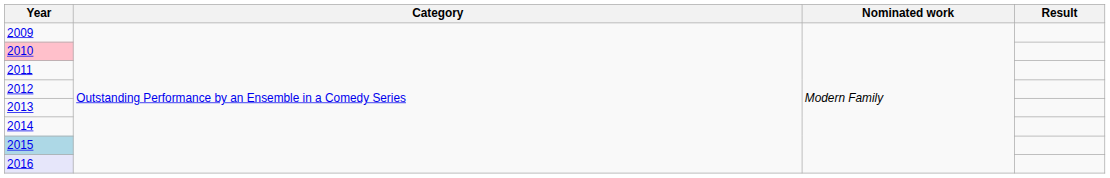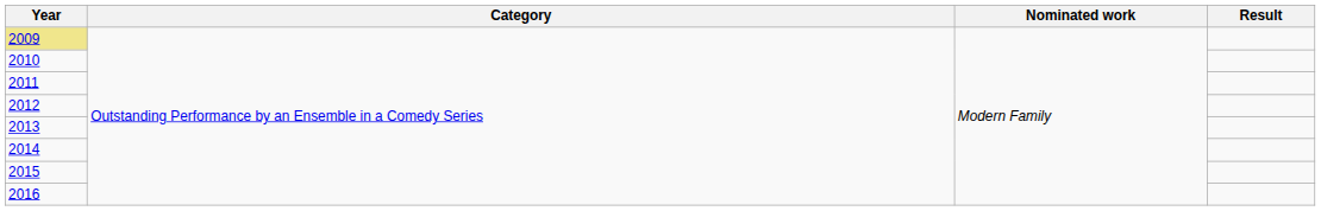 <table class="wikitable" style="width:75%;">
 <tr>
 <th>Year</th>
 <th>Category</th>
 <th>Nominated work</th>
 <th>Result</th>
 </tr>
 <tr>
-<td><a href='#'>2009</a></td>
+<td style="background: khaki;"><a href='#'>2009</a></td>
 <td rowspan="8"><a href='#'>Outstanding Performance by an Ensemble in a Comedy Series</a></td>
 <td rowspan="8"><em>Modern Family</em></td>
 <td></td>
 </tr>
 <tr>
-<td style="background: pink;"><a href='#'>2010</a></td>
+<td><a href='#'>2010</a></td>
 <td></td>
 </tr>
 <tr>
 <td><a href='#'>2011</a></td>
 <td></td>
 </tr>
 <tr>
 <td><a href='#'>2012</a></td>
 <td></td>
 </tr>
 <tr>
 <td><a href='#'>2013</a></td>
 <td></td>
 </tr>
 <tr>
 <td><a href='#'>2014</a></td>
 <td></td>
 </tr>
 <tr>
-<td style="background: lightblue;"><a href='#'>2015</a></td>
+<td><a href='#'>2015</a></td>
 <td></td>
 </tr>
 <tr>
-<td style="background: lavender;"><a href='#'>2016</a></td>
+<td><a href='#'>2016</a></td>
 <td></td>
 </tr>
 </table>
